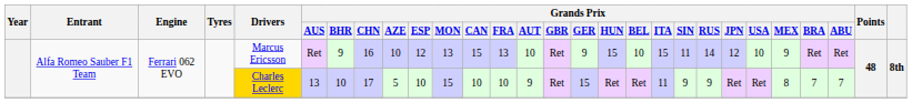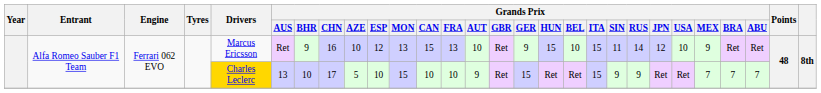 <table class="wikitable" style="text-align:center; font-size:90%">
 <tr>
 <th rowspan="2">Year</th>
 <th rowspan="2">Entrant</th>
 <th rowspan="2">Engine</th>
 <th rowspan="2">Tyres</th>
 <th rowspan="2">Drivers</th>
 <th colspan="21">Grands Prix</th>
 <th rowspan="2">Points</th>
 <th rowspan="2"></th>
 </tr>
 <tr>
 <th><a href='#'>AUS</a></th>
 <th><a href='#'>BHR</a></th>
 <th><a href='#'>CHN</a></th>
 <th><a href='#'>AZE</a></th>
 <th><a href='#'>ESP</a></th>
 <th><a href='#'>MON</a></th>
 <th><a href='#'>CAN</a></th>
 <th><a href='#'>FRA</a></th>
 <th><a href='#'>AUT</a></th>
 <th><a href='#'>GBR</a></th>
 <th><a href='#'>GER</a></th>
 <th><a href='#'>HUN</a></th>
 <th><a href='#'>BEL</a></th>
 <th><a href='#'>ITA</a></th>
 <th><a href='#'>SIN</a></th>
 <th><a href='#'>RUS</a></th>
 <th><a href='#'>JPN</a></th>
 <th><a href='#'>USA</a></th>
 <th><a href='#'>MEX</a></th>
 <th><a href='#'>BRA</a></th>
 <th><a href='#'>ABU</a></th>
 </tr>
 <tr>
 <th rowspan="2"></th>
 <td rowspan="2"><a href='#'>Alfa Romeo Sauber F1 Team</a></td>
 <td rowspan="2"><a href='#'>Ferrari</a> 062 EVO</td>
 <td rowspan="2"></td>
 <td> <a href='#'>Marcus Ericsson</a></td>
 <td style="background-color:#efcfff">Ret</td>
 <td style="background-color:#dfffdf">9</td>
 <td style="background-color:#cfcfff">16</td>
 <td style="background-color:#cfcfff">10</td>
 <td style="background-color:#cfcfff">12</td>
 <td style="background-color:#cfcfff">13</td>
 <td style="background-color:#cfcfff">15</td>
 <td style="background-color:#cfcfff">13</td>
 <td style="background-color:#dfffdf">10</td>
 <td style="background-color:#efcfff">Ret</td>
 <td style="background-color:#dfffdf">9</td>
 <td style="background-color:#cfcfff">15</td>
 <td style="background-color:#dfffdf">10</td>
 <td style="background-color:#cfcfff">15</td>
 <td style="background-color:#cfcfff">11</td>
 <td style="background-color:#cfcfff">14</td>
 <td style="background-color:#cfcfff">12</td>
 <td style="background-color:#dfffdf">10</td>
 <td style="background-color:#dfffdf">9</td>
 <td style="background-color:#efcfff">Ret</td>
 <td style="background-color:#efcfff">Ret</td>
 <th rowspan="2">48</th>
 <th rowspan="2">8th</th>
 </tr>
 <tr>
 <td style="background: gold;"> <a href='#'>Charles Leclerc</a></td>
 <td style="background-color:#cfcfff">13</td>
 <td style="background-color:#cfcfff">10</td>
 <td style="background-color:#cfcfff">17</td>
 <td style="background-color:#dfffdf">5</td>
 <td style="background-color:#dfffdf">10</td>
 <td style="background-color:#cfcfff">15</td>
 <td style="background-color:#dfffdf">10</td>
 <td style="background-color:#dfffdf">10</td>
 <td style="background-color:#dfffdf">9</td>
 <td style="background-color:#efcfff">Ret</td>
 <td style="background-color:#cfcfff">15</td>
 <td style="background-color:#efcfff">Ret</td>
 <td style="background-color:#efcfff">Ret</td>
-<td style="background-color:#cfcfff">11</td>
+<td style="background-color:#cfcfff">15</td>
 <td style="background-color:#dfffdf">9</td>
 <td style="background-color:#dfffdf">9</td>
 <td style="background-color:#efcfff">Ret</td>
 <td style="background-color:#efcfff">Ret</td>
-<td style="background-color:#dfffdf">8</td>
+<td style="background-color:#dfffdf">7</td>
 <td style="background-color:#dfffdf">7</td>
 <td style="background-color:#dfffdf">7</td>
 </tr>
 <tr>
 </tr>
 </table>
